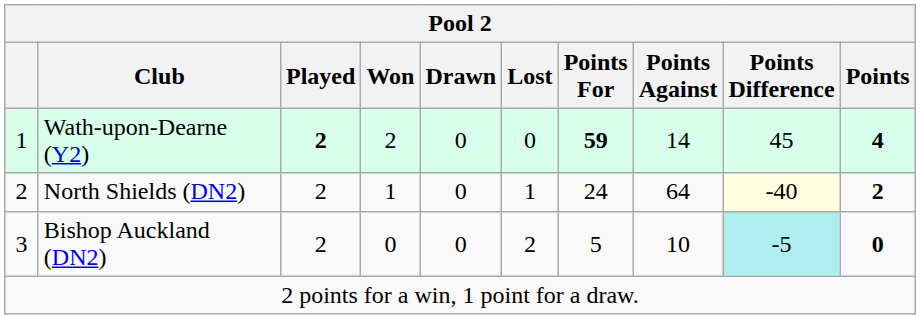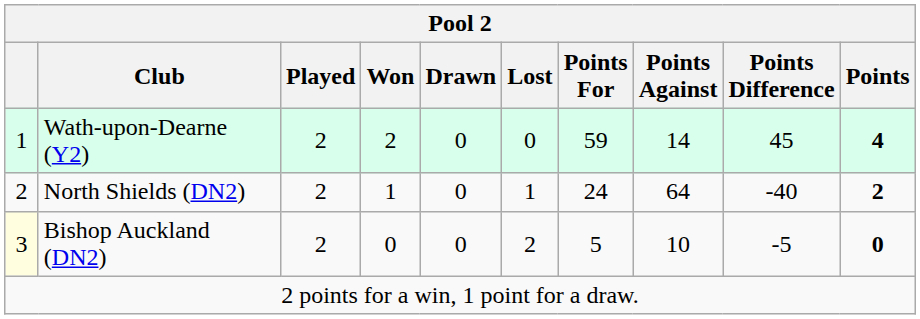 <table class="wikitable" style="text-align: center;">
 <tr>
 <th colspan=15><strong>Pool 2</strong></th>
 </tr>
 <tr>
 <th bgcolor="#efefef" width="20"></th>
 <th bgcolor="#efefef" width="220">Club</th>
 <th bgcolor="#efefef" width="20">Played</th>
 <th bgcolor="#efefef" width="20">Won</th>
 <th bgcolor="#efefef" width="20">Drawn</th>
 <th bgcolor="#efefef" width="20">Lost</th>
 <th bgcolor="#efefef" width="20">Points For</th>
 <th bgcolor="#efefef" width="20">Points Against</th>
 <th bgcolor="#efefef" width="20">Points Difference</th>
 <th bgcolor="#efefef" width="20">Points</th>
 </tr>
 <tr bgcolor=#d8ffeb align=center>
 <td>1</td>
 <td style="text-align:left;">Wath-upon-Dearne (<a href='#'>Y2</a>)</td>
-<td><strong>2</strong></td>
+<td>2</td>
 <td>2</td>
 <td>0</td>
 <td>0</td>
-<td><strong>59</strong></td>
+<td>59</td>
 <td>14</td>
 <td>45</td>
 <td><strong>4</strong></td>
 </tr>
 <tr>
 <td>2</td>
 <td style="text-align:left;">North Shields (<a href='#'>DN2</a>)</td>
 <td>2</td>
 <td>1</td>
 <td>0</td>
 <td>1</td>
 <td>24</td>
 <td>64</td>
-<td style="background: lightyellow;">-40</td>
+<td>-40</td>
 <td><strong>2</strong></td>
 </tr>
 <tr>
-<td>3</td>
+<td style="background: lightyellow;">3</td>
 <td style="text-align:left;">Bishop Auckland (<a href='#'>DN2</a>)</td>
 <td>2</td>
 <td>0</td>
 <td>0</td>
 <td>2</td>
 <td>5</td>
 <td>10</td>
-<td style="background: paleturquoise;">-5</td>
+<td>-5</td>
 <td><strong>0</strong></td>
 </tr>
 <tr>
 <td colspan=15>2 points for a win, 1 point for a draw.</td>
 </tr>
 </table>
